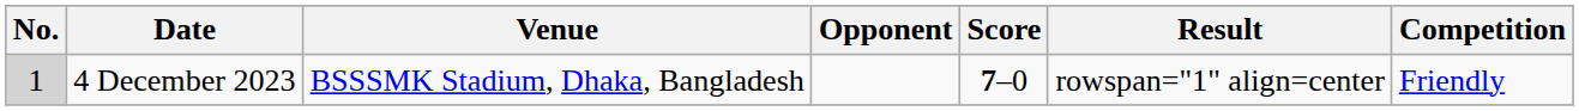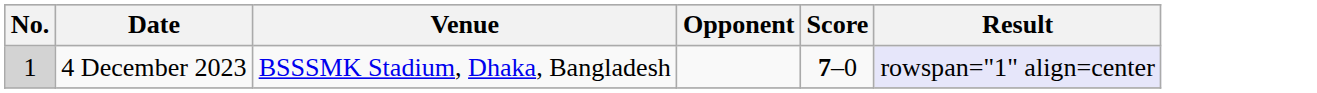 <table class=" wikitable">
 <tr>
 <th>No.</th>
 <th>Date</th>
 <th>Venue</th>
 <th>Opponent</th>
 <th>Score</th>
 <th>Result</th>
-<th>Competition</th>
 </tr>
 <tr>
 <td align=center style="background: lightgrey;">1</td>
 <td rowspan="1">4 December 2023</td>
 <td rowspan="1"><a href='#'>BSSSMK Stadium</a>, <a href='#'>Dhaka</a>, Bangladesh</td>
 <td rowspan="1"></td>
 <td align=center><strong>7</strong>–0</td>
-<td>rowspan="1" align=center </td>
-<td rowspan="1"><a href='#'>Friendly</a></td>
+<td style="background: lavender;">rowspan="1" align=center </td>
 </tr>
 </table>
